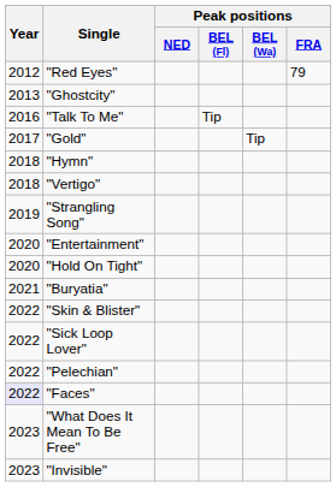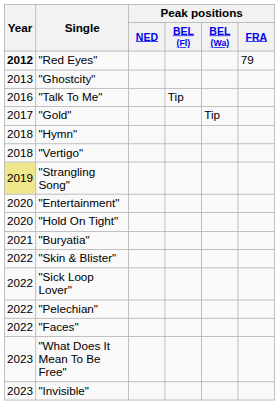 <table class="wikitable">
 <tr>
 <th align="center" rowspan="2" width="10">Year</th>
 <th align="center" rowspan="2" width="120">Single</th>
 <th colspan="4" align="center" width="20">Peak positions</th>
 </tr>
 <tr>
 <th scope="col" style="width:3em;font-size:90%;"><a href='#'>NED</a><br></th>
 <th scope="col" style="width:3em;font-size:90%;"><a href='#'>BEL <br><small>(Fl)</small></a><br></th>
 <th scope="col" style="width:3em;font-size:90%;"><a href='#'>BEL <br><small>(Wa)</small></a><br></th>
 <th scope="col" style="width:3em;font-size:90%;"><a href='#'>FRA</a><br></th>
 </tr>
 <tr>
-<td style="text-align:center;">2012</td>
+<td style="text-align:center;"><strong>2012</strong></td>
 <td>"Red Eyes"</td>
 <td style="text-align:center;"></td>
 <td></td>
 <td></td>
 <td>79</td>
 </tr>
 <tr>
 <td>2013</td>
 <td>"Ghostcity"</td>
 <td></td>
 <td></td>
 <td></td>
 <td></td>
 </tr>
 <tr>
 <td>2016</td>
 <td>"Talk To Me"</td>
 <td></td>
 <td>Tip</td>
 <td></td>
 <td></td>
 </tr>
 <tr>
 <td>2017</td>
 <td>"Gold"</td>
 <td></td>
 <td></td>
 <td>Tip</td>
 <td></td>
 </tr>
 <tr>
 <td>2018</td>
 <td>"Hymn"</td>
 <td></td>
 <td></td>
 <td></td>
 <td></td>
 </tr>
 <tr>
 <td>2018</td>
 <td>"Vertigo"</td>
 <td></td>
 <td></td>
 <td></td>
 <td></td>
 </tr>
 <tr>
-<td>2019</td>
+<td style="background: khaki;">2019</td>
 <td>"Strangling Song"</td>
 <td></td>
 <td></td>
 <td></td>
 <td></td>
 </tr>
 <tr>
 <td>2020</td>
 <td>"Entertainment"</td>
 <td></td>
 <td></td>
 <td></td>
 <td></td>
 </tr>
 <tr>
 <td>2020</td>
 <td>"Hold On Tight"</td>
 <td></td>
 <td></td>
 <td></td>
 <td></td>
 </tr>
 <tr>
 <td>2021</td>
 <td>"Buryatia"</td>
 <td></td>
 <td></td>
 <td></td>
 <td></td>
 </tr>
 <tr>
 <td>2022</td>
 <td>"Skin & Blister"</td>
 <td></td>
 <td></td>
 <td></td>
 <td></td>
 </tr>
 <tr>
 <td>2022</td>
 <td>"Sick Loop Lover"</td>
 <td></td>
 <td></td>
 <td></td>
 <td></td>
 </tr>
 <tr>
 <td>2022</td>
 <td>"Pelechian"</td>
 <td></td>
 <td></td>
 <td></td>
 <td></td>
 </tr>
 <tr>
-<td style="background: lavender;">2022</td>
+<td>2022</td>
 <td>"Faces"</td>
 <td></td>
 <td></td>
 <td></td>
 <td></td>
 </tr>
 <tr>
 <td>2023</td>
 <td>"What Does It Mean To Be Free"</td>
 <td></td>
 <td></td>
 <td></td>
 <td></td>
 </tr>
 <tr>
 <td>2023</td>
 <td>"Invisible"</td>
 <td></td>
 <td></td>
 <td></td>
 <td></td>
 </tr>
 </table>
